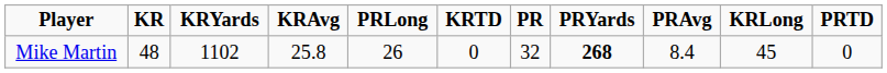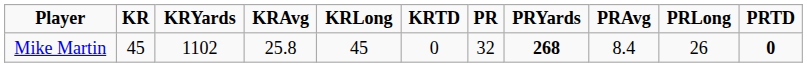 <table class="wikitable" width="80%">
 <tr align="center">
 <td><strong>Player</strong></td>
 <td><strong>KR</strong></td>
 <td><strong>KRYards</strong></td>
 <td><strong>KRAvg</strong></td>
-<td><strong>PRLong</strong></td>
+<td><strong>KRLong</strong></td>
 <td><strong>KRTD</strong></td>
 <td><strong>PR</strong></td>
 <td><strong>PRYards</strong></td>
 <td><strong>PRAvg</strong></td>
-<td><strong>KRLong</strong></td>
+<td><strong>PRLong</strong></td>
 <td><strong>PRTD</strong></td>
 </tr>
 <tr align="center" bgcolor="">
 <td><a href='#'>Mike Martin</a></td>
-<td>48</td>
+<td>45</td>
 <td>1102</td>
 <td>25.8</td>
-<td>26</td>
+<td>45</td>
 <td>0</td>
 <td>32</td>
 <td><strong>268</strong></td>
 <td>8.4</td>
-<td>45</td>
-<td>0</td>
+<td>26</td>
+<td><strong>0</strong></td>
 </tr>
 </table>
